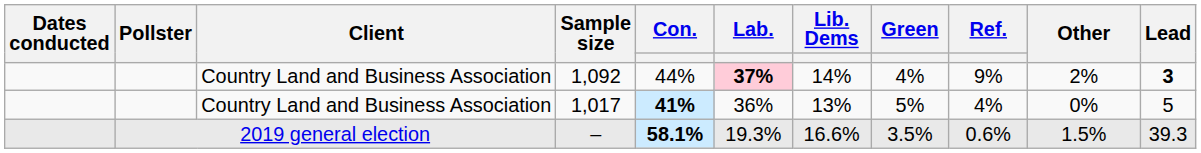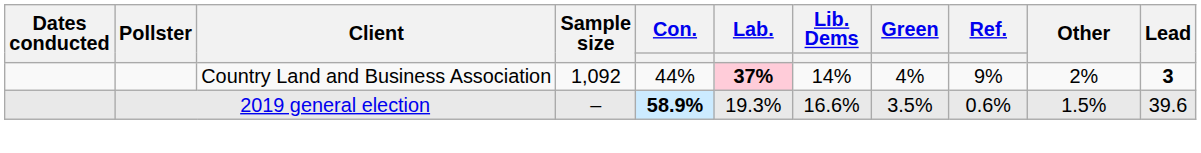 <table class="wikitable sortable mw-datatable" style="text-align:center; font-size:90%; line-height:14px;">
 <tr>
 <th rowspan="2">Dates<br>conducted</th>
 <th rowspan="2">Pollster</th>
 <th rowspan="2">Client</th>
 <th data-sort-type="number" rowspan="2">Sample<br>size</th>
 <th class="unsortable" style="width:50px;"><a href='#'>Con.</a></th>
 <th class="unsortable" style="width:50px;"><a href='#'>Lab.</a></th>
 <th class="unsortable" style="width:50px;"><a href='#'>Lib. Dems</a></th>
 <th class="unsortable" style="width:50px;"><a href='#'>Green</a></th>
 <th class="unsortable" style="width:50px;"><a href='#'>Ref.</a></th>
 <th class="unsortable" rowspan="2" style="width:75px;">Other</th>
 <th data-sort-type="number" rowspan="2">Lead</th>
 </tr>
 <tr>
 <th data-sort-type="number" style="background:"></th>
 <th data-sort-type="number" style="background:"></th>
 <th data-sort-type="number" style="background:"></th>
 <th data-sort-type="number" style="background:"></th>
 <th data-sort-type="number" style="background:"></th>
 </tr>
 <tr>
 <td></td>
 <td></td>
 <td>Country Land and Business Association</td>
 <td>1,092</td>
 <td>44%</td>
 <td style="background:#FFCCD9;"><strong>37%</strong></td>
 <td>14%</td>
 <td>4%</td>
 <td>9%</td>
 <td>2%</td>
 <td style="background:"><strong>3</strong></td>
 </tr>
-<tr>
-<td></td>
-<td></td>
-<td>Country Land and Business Association</td>
-<td>1,017</td>
-<td style="background:#CCEBFF;"><strong>41%</strong></td>
-<td>36%</td>
-<td>13%</td>
-<td>5%</td>
-<td>4%</td>
-<td>0%</td>
-<td style="background:">5</td>
-</tr>
 <tr style="background:#e9e9e9;">
 <td></td>
 <td colspan="2"><a href='#'>2019 general election</a></td>
 <td>–</td>
-<td style="background:#CCEBFF;"><strong>58.1%</strong></td>
+<td style="background:#CCEBFF;"><strong>58.9%</strong></td>
 <td>19.3%</td>
 <td>16.6%</td>
 <td>3.5%</td>
 <td>0.6%</td>
 <td>1.5%</td>
-<td style="background:">39.3</td>
+<td style="background:">39.6</td>
 </tr>
 </table>
